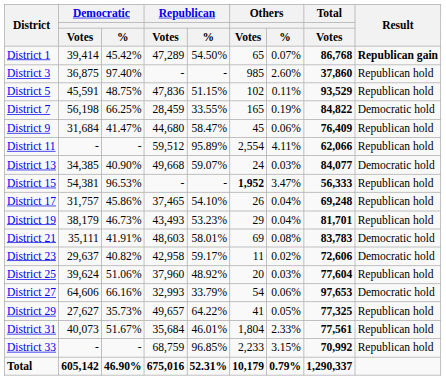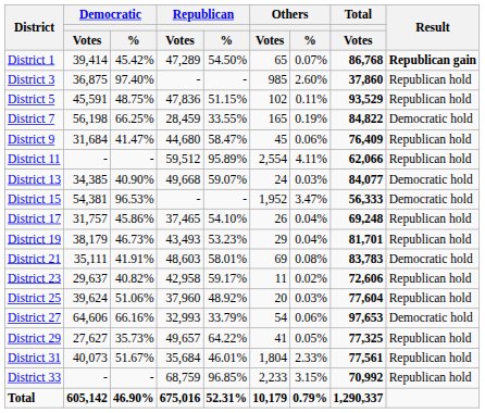 <table class="wikitable plainrowheaders sortable" style="font-size:100%; text-align:right;">
 <tr>
 <th scope=col rowspan=3>District</th>
 <th scope=col colspan=2><a href='#'>Democratic</a></th>
 <th scope=col colspan=2><a href='#'>Republican</a></th>
 <th scope=col colspan=2>Others</th>
 <th scope="col">Total</th>
 <th scope=col rowspan=3>Result</th>
 </tr>
 <tr>
 <th scope=col colspan=2 style="background:"></th>
 <th scope=col colspan=2 style="background:"></th>
 <th scope=col colspan=2></th>
 <th scope="col"></th>
 </tr>
 <tr>
 <th scope=col data-sort-type="number">Votes</th>
 <th scope=col data-sort-type="number">%</th>
 <th scope=col data-sort-type="number">Votes</th>
 <th scope=col data-sort-type="number">%</th>
 <th scope=col data-sort-type="number">Votes</th>
 <th scope=col data-sort-type="number">%</th>
 <th scope=col data-sort-type="number">Votes</th>
 </tr>
 <tr>
 <td align=left><a href='#'>District 1</a></td>
 <td>39,414</td>
 <td>45.42%</td>
 <td>47,289</td>
 <td>54.50%</td>
 <td>65</td>
 <td>0.07%</td>
 <td><strong>86,768</strong></td>
 <td align="left"><strong>Republican gain</strong></td>
 </tr>
 <tr>
 <td align=left><a href='#'>District 3</a></td>
 <td>36,875</td>
 <td>97.40%</td>
 <td>-</td>
 <td>-</td>
 <td>985</td>
 <td>2.60%</td>
 <td><strong>37,860</strong></td>
 <td align="left">Republican hold</td>
 </tr>
 <tr>
 <td align=left><a href='#'>District 5</a></td>
 <td>45,591</td>
 <td>48.75%</td>
 <td>47,836</td>
 <td>51.15%</td>
 <td>102</td>
 <td>0.11%</td>
 <td><strong>93,529</strong></td>
 <td align="left">Republican hold</td>
 </tr>
 <tr>
 <td align=left><a href='#'>District 7</a></td>
 <td>56,198</td>
 <td>66.25%</td>
 <td>28,459</td>
 <td>33.55%</td>
 <td>165</td>
 <td>0.19%</td>
 <td><strong>84,822</strong></td>
 <td align="left">Democratic hold</td>
 </tr>
 <tr>
 <td align=left><a href='#'>District 9</a></td>
 <td>31,684</td>
 <td>41.47%</td>
 <td>44,680</td>
 <td>58.47%</td>
 <td>45</td>
 <td>0.06%</td>
 <td><strong>76,409</strong></td>
 <td align="left">Republican hold</td>
 </tr>
 <tr>
 <td align=left><a href='#'>District 11</a></td>
 <td>-</td>
 <td>-</td>
 <td>59,512</td>
 <td>95.89%</td>
 <td>2,554</td>
 <td>4.11%</td>
 <td><strong>62,066</strong></td>
 <td align="left">Republican hold</td>
 </tr>
 <tr>
 <td align=left><a href='#'>District 13</a></td>
 <td>34,385</td>
 <td>40.90%</td>
 <td>49,668</td>
 <td>59.07%</td>
 <td>24</td>
 <td>0.03%</td>
 <td><strong>84,077</strong></td>
 <td align="left">Democratic hold</td>
 </tr>
 <tr>
 <td align=left><a href='#'>District 15</a></td>
 <td>54,381</td>
 <td>96.53%</td>
 <td>-</td>
 <td>-</td>
-<td><strong>1,952</strong></td>
+<td>1,952</td>
 <td>3.47%</td>
 <td><strong>56,333</strong></td>
-<td align="left">Republican hold</td>
+<td align="left">Democratic hold</td>
 </tr>
 <tr>
 <td align=left><a href='#'>District 17</a></td>
 <td>31,757</td>
 <td>45.86%</td>
 <td>37,465</td>
 <td>54.10%</td>
 <td>26</td>
 <td>0.04%</td>
 <td><strong>69,248</strong></td>
 <td align="left">Republican hold</td>
 </tr>
 <tr>
 <td align=left><a href='#'>District 19</a></td>
 <td>38,179</td>
 <td>46.73%</td>
 <td>43,493</td>
 <td>53.23%</td>
 <td>29</td>
 <td>0.04%</td>
 <td><strong>81,701</strong></td>
 <td align="left">Republican hold</td>
 </tr>
 <tr>
 <td align=left><a href='#'>District 21</a></td>
 <td>35,111</td>
 <td>41.91%</td>
 <td>48,603</td>
 <td>58.01%</td>
 <td>69</td>
 <td>0.08%</td>
 <td><strong>83,783</strong></td>
 <td align="left">Democratic hold</td>
 </tr>
 <tr>
 <td align=left><a href='#'>District 23</a></td>
 <td>29,637</td>
 <td>40.82%</td>
 <td>42,958</td>
 <td>59.17%</td>
 <td>11</td>
 <td>0.02%</td>
 <td><strong>72,606</strong></td>
-<td align="left">Democratic hold</td>
+<td align="left">Republican hold</td>
 </tr>
 <tr>
 <td align=left><a href='#'>District 25</a></td>
 <td>39,624</td>
 <td>51.06%</td>
 <td>37,960</td>
 <td>48.92%</td>
 <td>20</td>
 <td>0.03%</td>
 <td><strong>77,604</strong></td>
 <td align="left">Republican hold</td>
 </tr>
 <tr>
 <td align=left><a href='#'>District 27</a></td>
 <td>64,606</td>
 <td>66.16%</td>
 <td>32,993</td>
 <td>33.79%</td>
 <td>54</td>
 <td>0.06%</td>
 <td><strong>97,653</strong></td>
 <td align="left">Democratic hold</td>
 </tr>
 <tr>
 <td align=left><a href='#'>District 29</a></td>
 <td>27,627</td>
 <td>35.73%</td>
 <td>49,657</td>
 <td>64.22%</td>
 <td>41</td>
 <td>0.05%</td>
 <td><strong>77,325</strong></td>
 <td align="left">Republican hold</td>
 </tr>
 <tr>
 <td align=left><a href='#'>District 31</a></td>
 <td>40,073</td>
 <td>51.67%</td>
 <td>35,684</td>
 <td>46.01%</td>
 <td>1,804</td>
 <td>2.33%</td>
 <td><strong>77,561</strong></td>
 <td align="left">Republican hold</td>
 </tr>
 <tr>
 <td align=left><a href='#'>District 33</a></td>
 <td>-</td>
 <td>-</td>
 <td>68,759</td>
 <td>96.85%</td>
 <td>2,233</td>
 <td>3.15%</td>
 <td><strong>70,992</strong></td>
 <td align="left">Republican hold</td>
 </tr>
 <tr class="sortbottom" style="font-weight:bold">
 <td align=left>Total</td>
 <td>605,142</td>
 <td>46.90%</td>
 <td>675,016</td>
 <td>52.31%</td>
 <td>10,179</td>
 <td>0.79%</td>
 <td>1,290,337</td>
 <td></td>
 </tr>
 </table>
